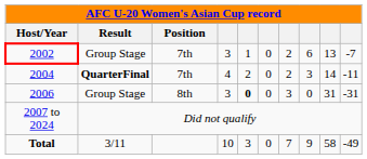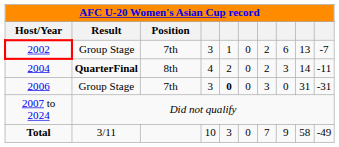 <table class="wikitable collapsible" style="text-align: center;">
 <tr>
 <th colspan=10 style="background: #FF8C00; color: #0000FF;"><a href='#'>AFC U-20 Women's Asian Cup</a> record</th>
 </tr>
 <tr>
 <th width="90">Host/Year</th>
 <th width="80">Result</th>
 <th width="80">Position</th>
 <th width="20"></th>
 <th width="20"></th>
 <th width="20"></th>
 <th width="20"></th>
 <th width="20"></th>
 <th width="20"></th>
 <th width="20"></th>
 </tr>
 <tr>
 <td style="border: 3px solid red"> <a href='#'>2002</a></td>
 <td>Group Stage</td>
 <td>7th</td>
 <td>3</td>
 <td>1</td>
 <td>0</td>
 <td>2</td>
 <td>6</td>
 <td>13</td>
 <td>-7</td>
 </tr>
 <tr>
 <td> <a href='#'>2004</a></td>
 <td><strong>QuarterFinal</strong></td>
-<td>7th</td>
+<td>8th</td>
 <td>4</td>
 <td>2</td>
 <td>0</td>
 <td>2</td>
 <td>3</td>
 <td>14</td>
 <td>-11</td>
 </tr>
 <tr>
 <td> <a href='#'>2006</a></td>
 <td>Group Stage</td>
-<td>8th</td>
+<td>7th</td>
 <td>3</td>
 <td><strong>0</strong></td>
 <td>0</td>
 <td>3</td>
 <td>0</td>
 <td>31</td>
 <td>-31</td>
 </tr>
 <tr>
 <td> <a href='#'>2007</a> to<br> <a href='#'>2024</a></td>
 <td colspan = 9><em>Did not qualify</em></td>
 </tr>
 <tr>
 <td><strong>Total</strong></td>
 <td>3/11</td>
 <td></td>
 <td>10</td>
 <td>3</td>
 <td>0</td>
 <td>7</td>
 <td>9</td>
 <td>58</td>
 <td>-49</td>
 </tr>
 </table>
